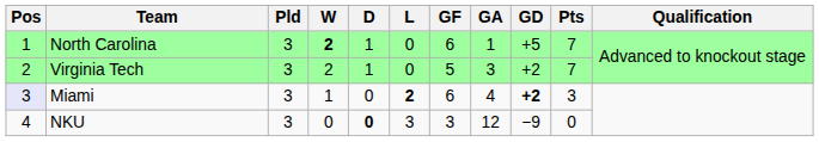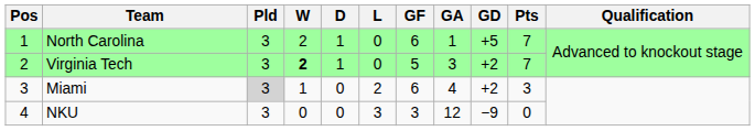 <table class="wikitable" style="text-align:center; margin: 1em auto">
 <tr>
 <th style="width:2em">Pos</th>
 <th style="width:13em">Team</th>
 <th style="width:2em">Pld</th>
 <th style="width:2em">W</th>
 <th style="width:2em">D</th>
 <th style="width:2em">L</th>
 <th style="width:2em">GF</th>
 <th style="width:2em">GA</th>
 <th style="width:2em">GD</th>
 <th style="width:2em">Pts</th>
 <th style="width:13em">Qualification</th>
 </tr>
 <tr bgcolor="#9eff9e">
 <td>1</td>
 <td style="text-align:left">North Carolina</td>
 <td>3</td>
-<td><strong>2</strong></td>
+<td>2</td>
 <td>1</td>
 <td>0</td>
 <td>6</td>
 <td>1</td>
 <td>+5</td>
 <td>7</td>
 <td rowspan="2">Advanced to knockout stage</td>
 </tr>
 <tr bgcolor="#9eff9e">
 <td>2</td>
 <td style="text-align:left">Virginia Tech</td>
 <td>3</td>
-<td>2</td>
+<td><strong>2</strong></td>
 <td>1</td>
 <td>0</td>
 <td>5</td>
 <td>3</td>
 <td>+2</td>
 <td>7</td>
 </tr>
 <tr>
-<td style="background: lavender;">3</td>
+<td>3</td>
 <td style="text-align:left">Miami</td>
-<td>3</td>
+<td style="background: lightgrey;">3</td>
 <td>1</td>
 <td>0</td>
-<td><strong>2</strong></td>
+<td>2</td>
 <td>6</td>
 <td>4</td>
-<td><strong>+2</strong></td>
+<td>+2</td>
 <td>3</td>
 <td rowspan="2"></td>
 </tr>
 <tr>
 <td>4</td>
 <td style="text-align:left">NKU</td>
 <td>3</td>
 <td>0</td>
-<td><strong>0</strong></td>
+<td>0</td>
 <td>3</td>
 <td>3</td>
 <td>12</td>
 <td>−9</td>
 <td>0</td>
 </tr>
 </table>
